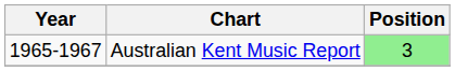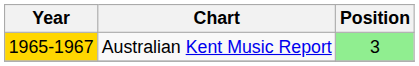 <table class="wikitable sortable" style="text-align:center;">
 <tr>
 <th>Year</th>
 <th>Chart</th>
 <th>Position</th>
 </tr>
 <tr>
-<td>1965-1967</td>
+<td style="background: gold;">1965-1967</td>
 <td align="left">Australian <a href='#'>Kent Music Report</a></td>
 <td style="background: lightgreen;">3</td>
 </tr>
 <tr>
 </tr>
 </table>
